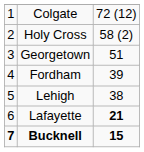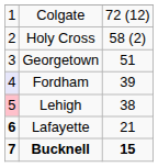 <table class="wikitable">
 <tr align="center">
 </tr>
 <tr align="center">
 <td>1</td>
 <td>Colgate</td>
 <td>72 (12)</td>
 </tr>
 <tr align="center">
 <td>2</td>
 <td>Holy Cross</td>
 <td>58 (2)</td>
 </tr>
 <tr align="center">
 <td>3</td>
 <td>Georgetown</td>
 <td>51</td>
 </tr>
 <tr align="center">
-<td>4</td>
+<td style="background: lavender;">4</td>
 <td>Fordham</td>
 <td>39</td>
 </tr>
 <tr align="center">
-<td>5</td>
+<td style="background: pink;">5</td>
 <td>Lehigh</td>
 <td>38</td>
 </tr>
 <tr align="center">
-<td>6</td>
+<td><strong>6</strong></td>
 <td>Lafayette</td>
-<td><strong>21</strong></td>
+<td>21</td>
 </tr>
 <tr align="center">
 <td><strong>7</strong></td>
 <td><strong>Bucknell</strong></td>
 <td><strong>15</strong></td>
 </tr>
 </table>
